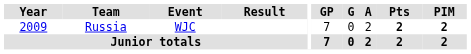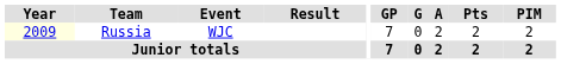 <table border="0" cellpadding="1" cellspacing="0" ID="Table3" style="text-align:center; width:40em">
 <tr ALIGN="center" bgcolor="#e0e0e0">
 <th>Year</th>
 <th>Team</th>
 <th>Event</th>
 <th>Result</th>
 <th rowspan="99" bgcolor="#ffffff"></th>
 <th>GP</th>
 <th>G</th>
 <th>A</th>
 <th>Pts</th>
 <th>PIM</th>
 </tr>
 <tr>
-<td><a href='#'>2009</a></td>
+<td style="background: lightyellow;"><a href='#'>2009</a></td>
 <td><a href='#'>Russia</a></td>
 <td><a href='#'>WJC</a></td>
 <td></td>
 <td>7</td>
 <td>0</td>
 <td>2</td>
-<td><strong>2</strong></td>
-<td><strong>2</strong></td>
+<td>2</td>
+<td>2</td>
 </tr>
 <tr bgcolor=#e0e0e0>
 <th colspan="4">Junior totals</th>
 <th>7</th>
 <th>0</th>
 <th>2</th>
 <th>2</th>
 <th>2</th>
 </tr>
 </table>
